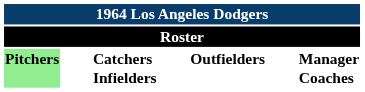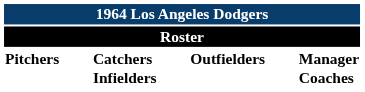 <table class="toccolours" style="font-size: 95%;">
 <tr>
 <th colspan="10" style="background-color: #083c6b; color: white; text-align: center;">1964 Los Angeles Dodgers</th>
 </tr>
 <tr>
 <td colspan="10" style="background-color: black; color: white; text-align: center;"><strong>Roster</strong></td>
 </tr>
 <tr>
-<td valign="top" style="background: lightgreen;"><strong>Pitchers</strong><br>                       </td>
+<td valign="top"><strong>Pitchers</strong><br>                       </td>
 <td width="25px"></td>
 <td valign="top"><strong>Catchers</strong><br>   <strong>Infielders</strong>         </td>
 <td width="25px"></td>
 <td valign="top"><strong>Outfielders</strong><br>      </td>
 <td width="25px"></td>
 <td valign="top"><strong>Manager</strong><br> <strong>Coaches</strong>    </td>
 </tr>
 </table>
